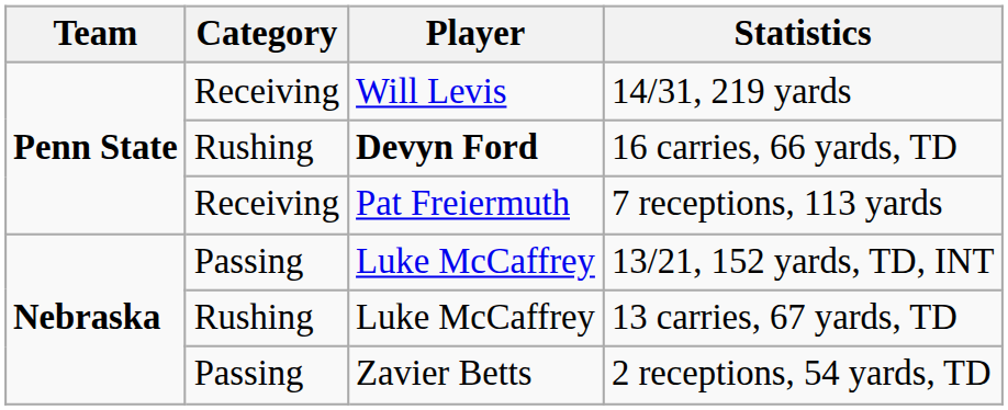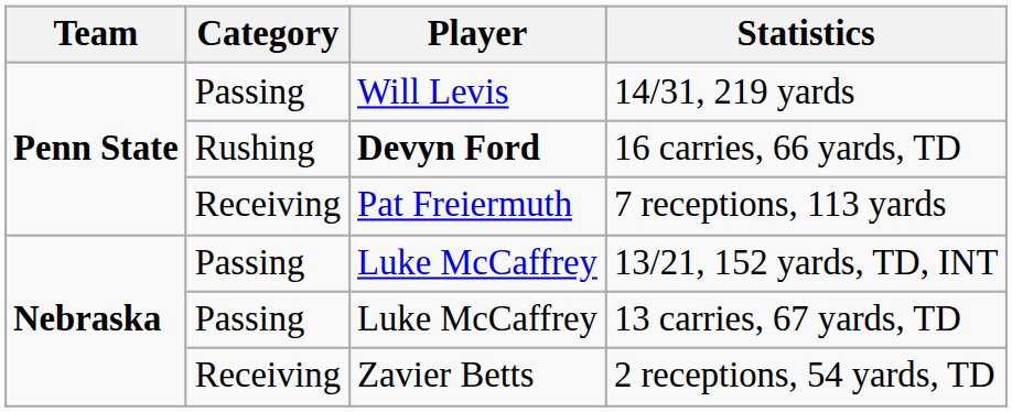 <table class="wikitable" style="float: right;">
 <tr>
 <th>Team</th>
 <th>Category</th>
 <th>Player</th>
 <th>Statistics</th>
 </tr>
 <tr>
 <td rowspan=3><strong>Penn State</strong></td>
-<td>Receiving</td>
+<td>Passing</td>
 <td><a href='#'>Will Levis</a></td>
 <td>14/31, 219 yards</td>
 </tr>
 <tr>
 <td>Rushing</td>
 <td><strong>Devyn Ford</strong></td>
 <td>16 carries, 66 yards, TD</td>
 </tr>
 <tr>
 <td>Receiving</td>
 <td><a href='#'>Pat Freiermuth</a></td>
 <td>7 receptions, 113 yards</td>
 </tr>
 <tr>
 <td rowspan=3><strong>Nebraska</strong></td>
 <td>Passing</td>
 <td><a href='#'>Luke McCaffrey</a></td>
 <td>13/21, 152 yards, TD, INT</td>
 </tr>
 <tr>
-<td>Rushing</td>
+<td>Passing</td>
 <td>Luke McCaffrey</td>
 <td>13 carries, 67 yards, TD</td>
 </tr>
 <tr>
-<td>Passing</td>
+<td>Receiving</td>
 <td>Zavier Betts</td>
 <td>2 receptions, 54 yards, TD</td>
 </tr>
 </table>
